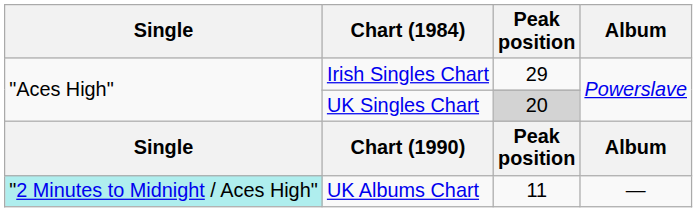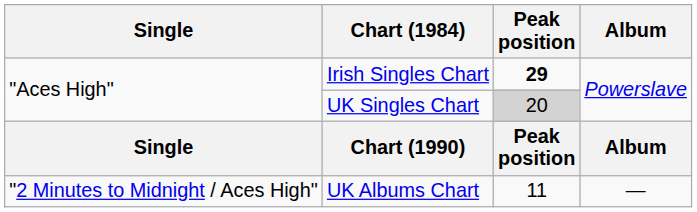 <table class="wikitable sortable">
 <tr>
 <th>Single</th>
 <th>Chart (1984)</th>
 <th>Peak<br>position</th>
 <th>Album</th>
 </tr>
 <tr>
 <td rowspan="2">"Aces High"</td>
 <td><a href='#'>Irish Singles Chart</a></td>
-<td align="center">29</td>
+<td align="center"><strong>29</strong></td>
 <td rowspan="2"><em><a href='#'>Powerslave</a></em></td>
 </tr>
 <tr>
 <td><a href='#'>UK Singles Chart</a></td>
 <td style="background: lightgrey; text-align:center;">20</td>
 </tr>
 <tr>
 <th>Single</th>
 <th>Chart (1990)</th>
 <th>Peak<br>position</th>
 <th>Album</th>
 </tr>
 <tr>
-<td style="background: paleturquoise;">"<a href='#'>2 Minutes to Midnight</a> / Aces High"</td>
+<td>"<a href='#'>2 Minutes to Midnight</a> / Aces High"</td>
 <td><a href='#'>UK Albums Chart</a></td>
 <td style="text-align:center;">11</td>
 <td style="text-align:center;">—</td>
 </tr>
 </table>
